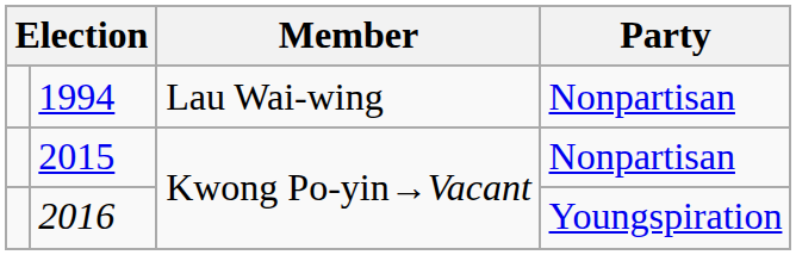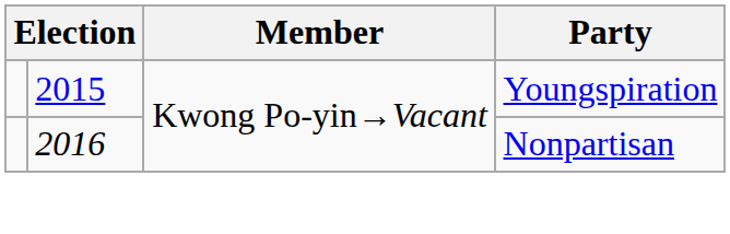 <table class="wikitable">
 <tr>
 <th colspan="2">Election</th>
 <th>Member</th>
 <th>Party</th>
 </tr>
 <tr>
 <td style="background-color: "></td>
-<td><a href='#'>1994</a></td>
-<td>Lau Wai-wing</td>
-<td><a href='#'>Nonpartisan</a></td>
-</tr>
-<tr>
-<td style="background-color: "></td>
 <td><a href='#'>2015</a></td>
 <td rowspan=2>Kwong Po-yin→<em>Vacant</em></td>
-<td><a href='#'>Nonpartisan</a></td>
+<td><a href='#'>Youngspiration</a></td>
 </tr>
 <tr>
 <td style="background-color: "></td>
 <td><em>2016</em></td>
-<td><a href='#'>Youngspiration</a></td>
+<td><a href='#'>Nonpartisan</a></td>
 </tr>
 <tr>
 </tr>
 </table>
